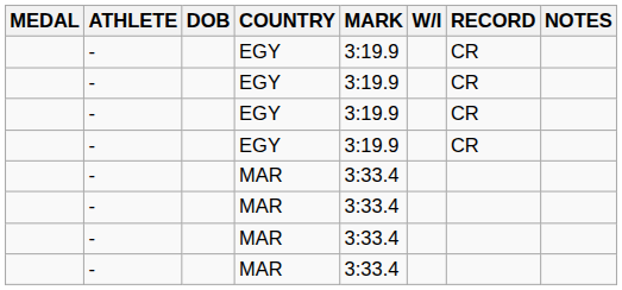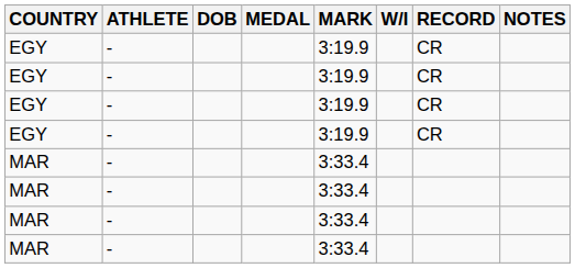 <table class="wikitable">
 <tr>
-<th>MEDAL</th>
+<th>COUNTRY</th>
 <th>ATHLETE</th>
 <th>DOB</th>
-<th>COUNTRY</th>
+<th>MEDAL</th>
 <th>MARK</th>
 <th>W/I</th>
 <th>RECORD</th>
 <th>NOTES</th>
 </tr>
 <tr>
-<td></td>
+<td>EGY</td>
 <td>-</td>
 <td></td>
-<td>EGY</td>
+<td></td>
 <td>3:19.9</td>
 <td></td>
 <td>CR</td>
 <td></td>
 </tr>
 <tr>
-<td></td>
+<td>EGY</td>
 <td>-</td>
 <td></td>
-<td>EGY</td>
+<td></td>
 <td>3:19.9</td>
 <td></td>
 <td>CR</td>
 <td></td>
 </tr>
 <tr>
-<td></td>
+<td>EGY</td>
 <td>-</td>
 <td></td>
-<td>EGY</td>
+<td></td>
 <td>3:19.9</td>
 <td></td>
 <td>CR</td>
 <td></td>
 </tr>
 <tr>
-<td></td>
+<td>EGY</td>
 <td>-</td>
 <td></td>
-<td>EGY</td>
+<td></td>
 <td>3:19.9</td>
 <td></td>
 <td>CR</td>
 <td></td>
 </tr>
 <tr>
-<td></td>
+<td>MAR</td>
 <td>-</td>
 <td></td>
-<td>MAR</td>
+<td></td>
 <td>3:33.4</td>
 <td></td>
 <td></td>
 <td></td>
 </tr>
 <tr>
-<td></td>
+<td>MAR</td>
 <td>-</td>
 <td></td>
-<td>MAR</td>
+<td></td>
 <td>3:33.4</td>
 <td></td>
 <td></td>
 <td></td>
 </tr>
 <tr>
-<td></td>
+<td>MAR</td>
 <td>-</td>
 <td></td>
-<td>MAR</td>
+<td></td>
 <td>3:33.4</td>
 <td></td>
 <td></td>
 <td></td>
 </tr>
 <tr>
-<td></td>
+<td>MAR</td>
 <td>-</td>
 <td></td>
-<td>MAR</td>
+<td></td>
 <td>3:33.4</td>
 <td></td>
 <td></td>
 <td></td>
 </tr>
 </table>
